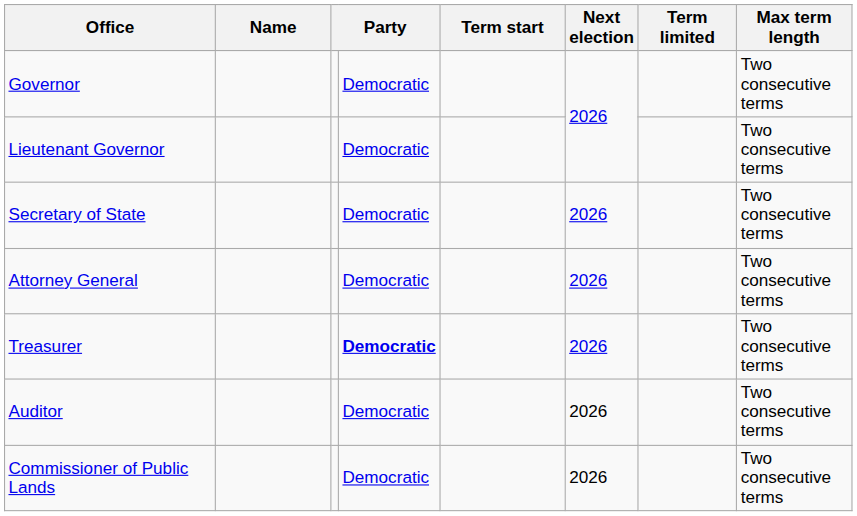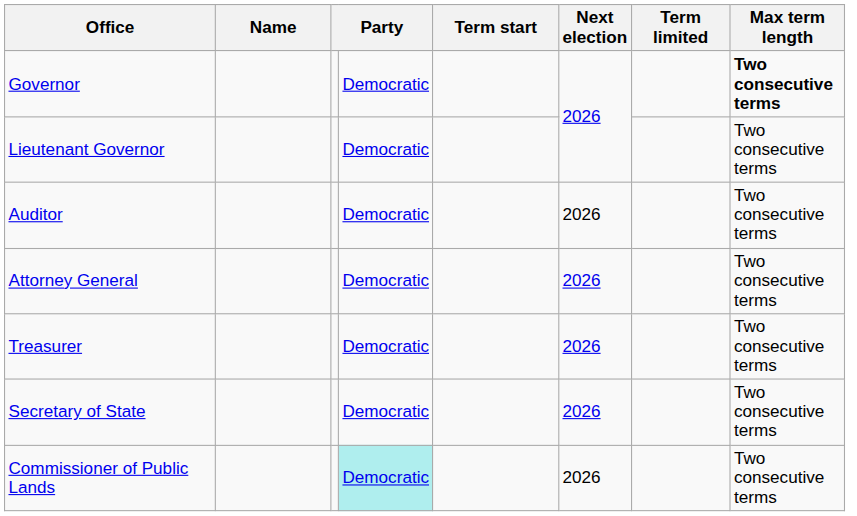 <table class="sortable wikitable">
 <tr>
 <th scope="col" width=190>Office</th>
 <th scope="col" width=100>Name</th>
 <th scope="col" width=75 colspan=2>Party</th>
 <th scope="col" width=110>Term start</th>
 <th scope="col" width=50>Next election</th>
 <th scope="col" width=85>Term limited</th>
 <th scope="col" width=100>Max term length</th>
 </tr>
 <tr>
 <td><a href='#'>Governor</a></td>
 <td></td>
 <td style="background-color:"></td>
 <td><a href='#'>Democratic</a></td>
 <td></td>
 <td rowspan=2><a href='#'>2026</a></td>
 <td></td>
-<td>Two consecutive terms</td>
+<td><strong>Two consecutive terms</strong></td>
 </tr>
 <tr>
 <td><a href='#'>Lieutenant Governor</a></td>
 <td></td>
 <td style="background-color:"></td>
 <td><a href='#'>Democratic</a></td>
 <td></td>
 <td></td>
 <td>Two consecutive terms</td>
 </tr>
 <tr>
-<td><a href='#'>Secretary of State</a></td>
+<td><a href='#'>Auditor</a></td>
 <td></td>
 <td style="background-color:"></td>
 <td><a href='#'>Democratic</a></td>
 <td></td>
-<td><a href='#'>2026</a></td>
+<td>2026</td>
 <td></td>
 <td>Two consecutive terms</td>
 </tr>
 <tr>
 <td><a href='#'>Attorney General</a></td>
 <td></td>
 <td style="background-color:"></td>
 <td><a href='#'>Democratic</a></td>
 <td></td>
 <td><a href='#'>2026</a></td>
 <td></td>
 <td>Two consecutive terms</td>
 </tr>
 <tr>
 <td><a href='#'>Treasurer</a></td>
 <td></td>
 <td style="background-color:"></td>
-<td><strong><a href='#'>Democratic</a></strong></td>
+<td><a href='#'>Democratic</a></td>
 <td></td>
 <td><a href='#'>2026</a></td>
 <td></td>
 <td>Two consecutive terms</td>
 </tr>
 <tr>
-<td><a href='#'>Auditor</a></td>
+<td><a href='#'>Secretary of State</a></td>
 <td></td>
 <td style="background-color:"></td>
 <td><a href='#'>Democratic</a></td>
 <td></td>
-<td>2026</td>
+<td><a href='#'>2026</a></td>
 <td></td>
 <td>Two consecutive terms</td>
 </tr>
 <tr>
 <td><a href='#'>Commissioner of Public Lands</a></td>
 <td></td>
 <td style="background-color:"></td>
-<td><a href='#'>Democratic</a></td>
+<td style="background: paleturquoise;"><a href='#'>Democratic</a></td>
 <td></td>
 <td>2026</td>
 <td></td>
 <td>Two consecutive terms</td>
 </tr>
 </table>
